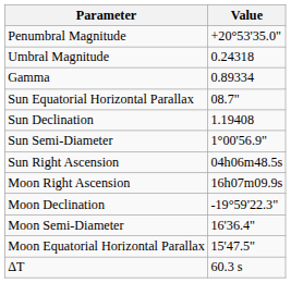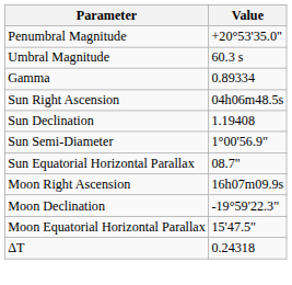 <table class="wikitable">
 <tr>
 <th>Parameter</th>
 <th>Value</th>
 </tr>
 <tr>
 <td>Penumbral Magnitude</td>
 <td>+20°53'35.0"</td>
 </tr>
 <tr>
 <td>Umbral Magnitude</td>
-<td>0.24318</td>
+<td>60.3 s</td>
 </tr>
 <tr>
 <td>Gamma</td>
 <td>0.89334</td>
 </tr>
 <tr>
-<td>Sun Equatorial Horizontal Parallax</td>
-<td>08.7"</td>
+<td>Sun Right Ascension</td>
+<td>04h06m48.5s</td>
 </tr>
 <tr>
 <td>Sun Declination</td>
 <td>1.19408</td>
 </tr>
 <tr>
 <td>Sun Semi-Diameter</td>
 <td>1°00'56.9"</td>
 </tr>
 <tr>
-<td>Sun Right Ascension</td>
-<td>04h06m48.5s</td>
+<td>Sun Equatorial Horizontal Parallax</td>
+<td>08.7"</td>
 </tr>
 <tr>
 <td>Moon Right Ascension</td>
 <td>16h07m09.9s</td>
 </tr>
 <tr>
 <td>Moon Declination</td>
 <td>-19°59'22.3"</td>
 </tr>
 <tr>
-<td>Moon Semi-Diameter</td>
-<td>16'36.4"</td>
-</tr>
-<tr>
 <td>Moon Equatorial Horizontal Parallax</td>
 <td>15'47.5"</td>
 </tr>
 <tr>
 <td>ΔT</td>
-<td>60.3 s</td>
+<td>0.24318</td>
 </tr>
 </table>
